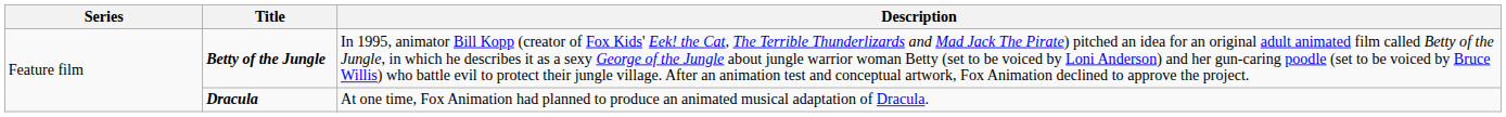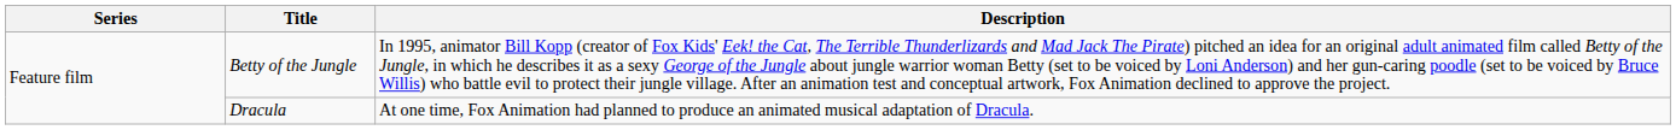 <table class="wikitable">
 <tr>
 <th style="width:150pt;">Series</th>
 <th style="width:100pt;">Title</th>
 <th>Description</th>
 </tr>
 <tr>
 <td rowspan="2">Feature film</td>
-<td><strong><em>Betty of the Jungle</em></strong></td>
+<td><em>Betty of the Jungle</em></td>
 <td>In 1995, animator <a href='#'>Bill Kopp</a> (creator of <a href='#'>Fox Kids</a>' <em><a href='#'>Eek! the Cat</a>, <a href='#'>The Terrible Thunderlizards</a> and <a href='#'>Mad Jack The Pirate</a></em>) pitched an idea for an original <a href='#'>adult animated</a> film called <em>Betty of the Jungle</em>, in which he describes it as a sexy <em><a href='#'>George of the Jungle</a></em> about jungle warrior woman Betty (set to be voiced by <a href='#'>Loni Anderson</a>) and her gun-caring <a href='#'>poodle</a> (set to be voiced by <a href='#'>Bruce Willis</a>) who battle evil to protect their jungle village. After an animation test and conceptual artwork, Fox Animation declined to approve the project.</td>
 </tr>
 <tr>
-<td><strong><em>Dracula</em></strong></td>
+<td><em>Dracula</em></td>
 <td>At one time, Fox Animation had planned to produce an animated musical adaptation of <a href='#'>Dracula</a>.</td>
 </tr>
 </table>
